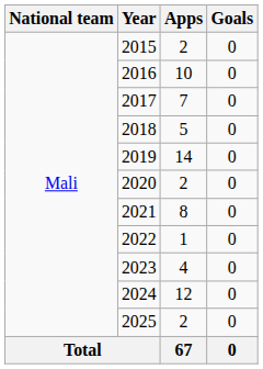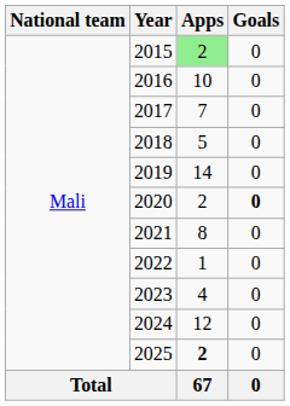 <table class="wikitable" style="text-align:center">
 <tr>
 <th>National team</th>
 <th>Year</th>
 <th>Apps</th>
 <th>Goals</th>
 </tr>
 <tr>
 <td rowspan="11"><a href='#'>Mali</a></td>
 <td>2015</td>
-<td>2</td>
+<td style="background: lightgreen;">2</td>
 <td>0</td>
 </tr>
 <tr>
 <td>2016</td>
 <td>10</td>
 <td>0</td>
 </tr>
 <tr>
 <td>2017</td>
 <td>7</td>
 <td>0</td>
 </tr>
 <tr>
 <td>2018</td>
 <td>5</td>
 <td>0</td>
 </tr>
 <tr>
 <td>2019</td>
 <td>14</td>
 <td>0</td>
 </tr>
 <tr>
 <td>2020</td>
 <td>2</td>
-<td>0</td>
+<td><strong>0</strong></td>
 </tr>
 <tr>
 <td>2021</td>
 <td>8</td>
 <td>0</td>
 </tr>
 <tr>
 <td>2022</td>
 <td>1</td>
 <td>0</td>
 </tr>
 <tr>
 <td>2023</td>
 <td>4</td>
 <td>0</td>
 </tr>
 <tr>
 <td>2024</td>
 <td>12</td>
 <td>0</td>
 </tr>
 <tr>
 <td>2025</td>
-<td>2</td>
+<td><strong>2</strong></td>
 <td>0</td>
 </tr>
 <tr>
 <th colspan="2">Total</th>
 <th>67</th>
 <th>0</th>
 </tr>
 </table>
